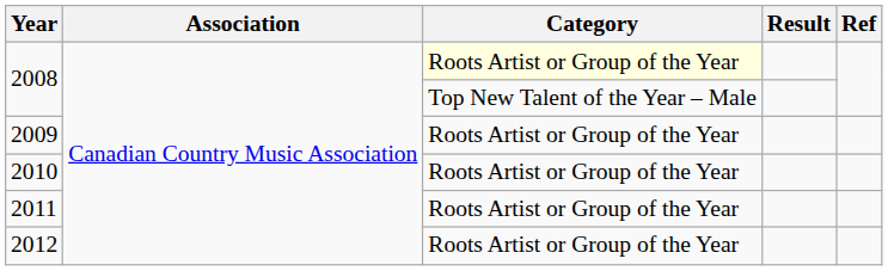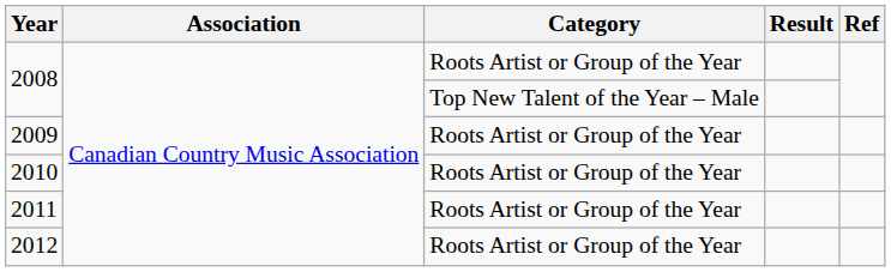 <table class="wikitable">
 <tr>
 <th>Year</th>
 <th>Association</th>
 <th>Category</th>
 <th>Result</th>
 <th>Ref</th>
 </tr>
 <tr>
 <td rowspan="2">2008</td>
 <td rowspan="6"><a href='#'>Canadian Country Music Association</a></td>
-<td style="background: lightyellow;">Roots Artist or Group of the Year</td>
+<td>Roots Artist or Group of the Year</td>
 <td></td>
 <td rowspan=2></td>
 </tr>
 <tr>
 <td>Top New Talent of the Year – Male</td>
 <td></td>
 </tr>
 <tr>
 <td>2009</td>
 <td>Roots Artist or Group of the Year</td>
 <td></td>
 <td></td>
 </tr>
 <tr>
 <td>2010</td>
 <td>Roots Artist or Group of the Year</td>
 <td></td>
 <td></td>
 </tr>
 <tr>
 <td>2011</td>
 <td>Roots Artist or Group of the Year</td>
 <td></td>
 <td></td>
 </tr>
 <tr>
 <td>2012</td>
 <td>Roots Artist or Group of the Year</td>
 <td></td>
 <td></td>
 </tr>
 </table>
